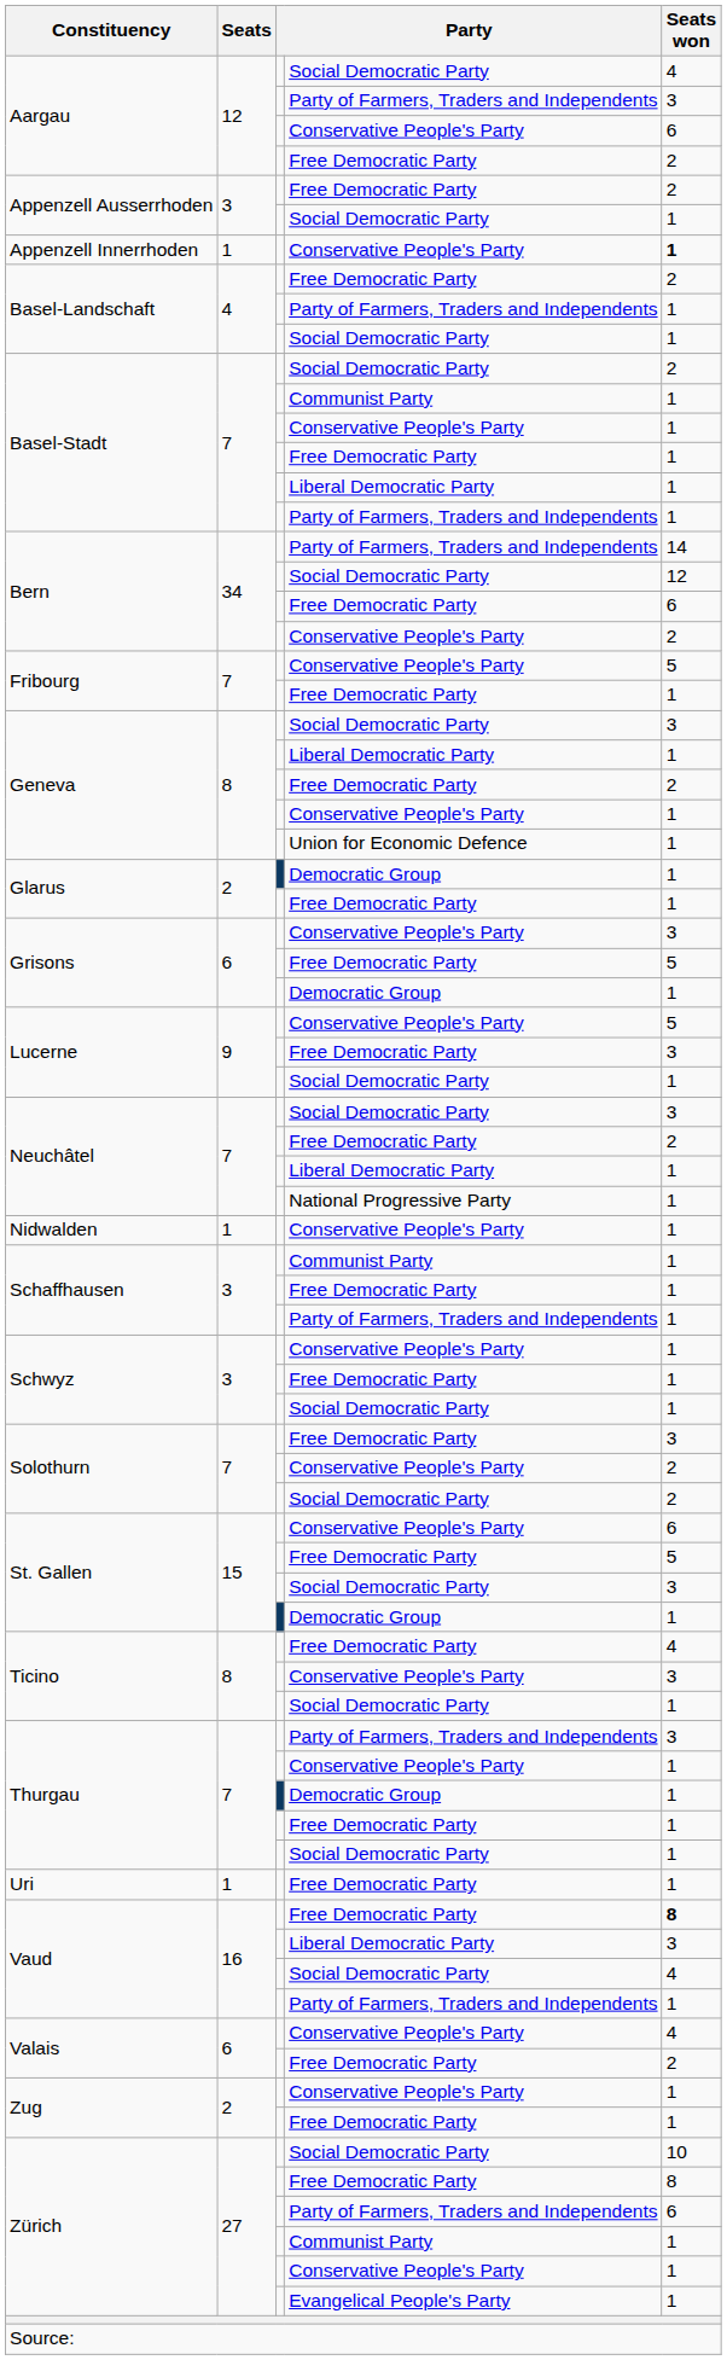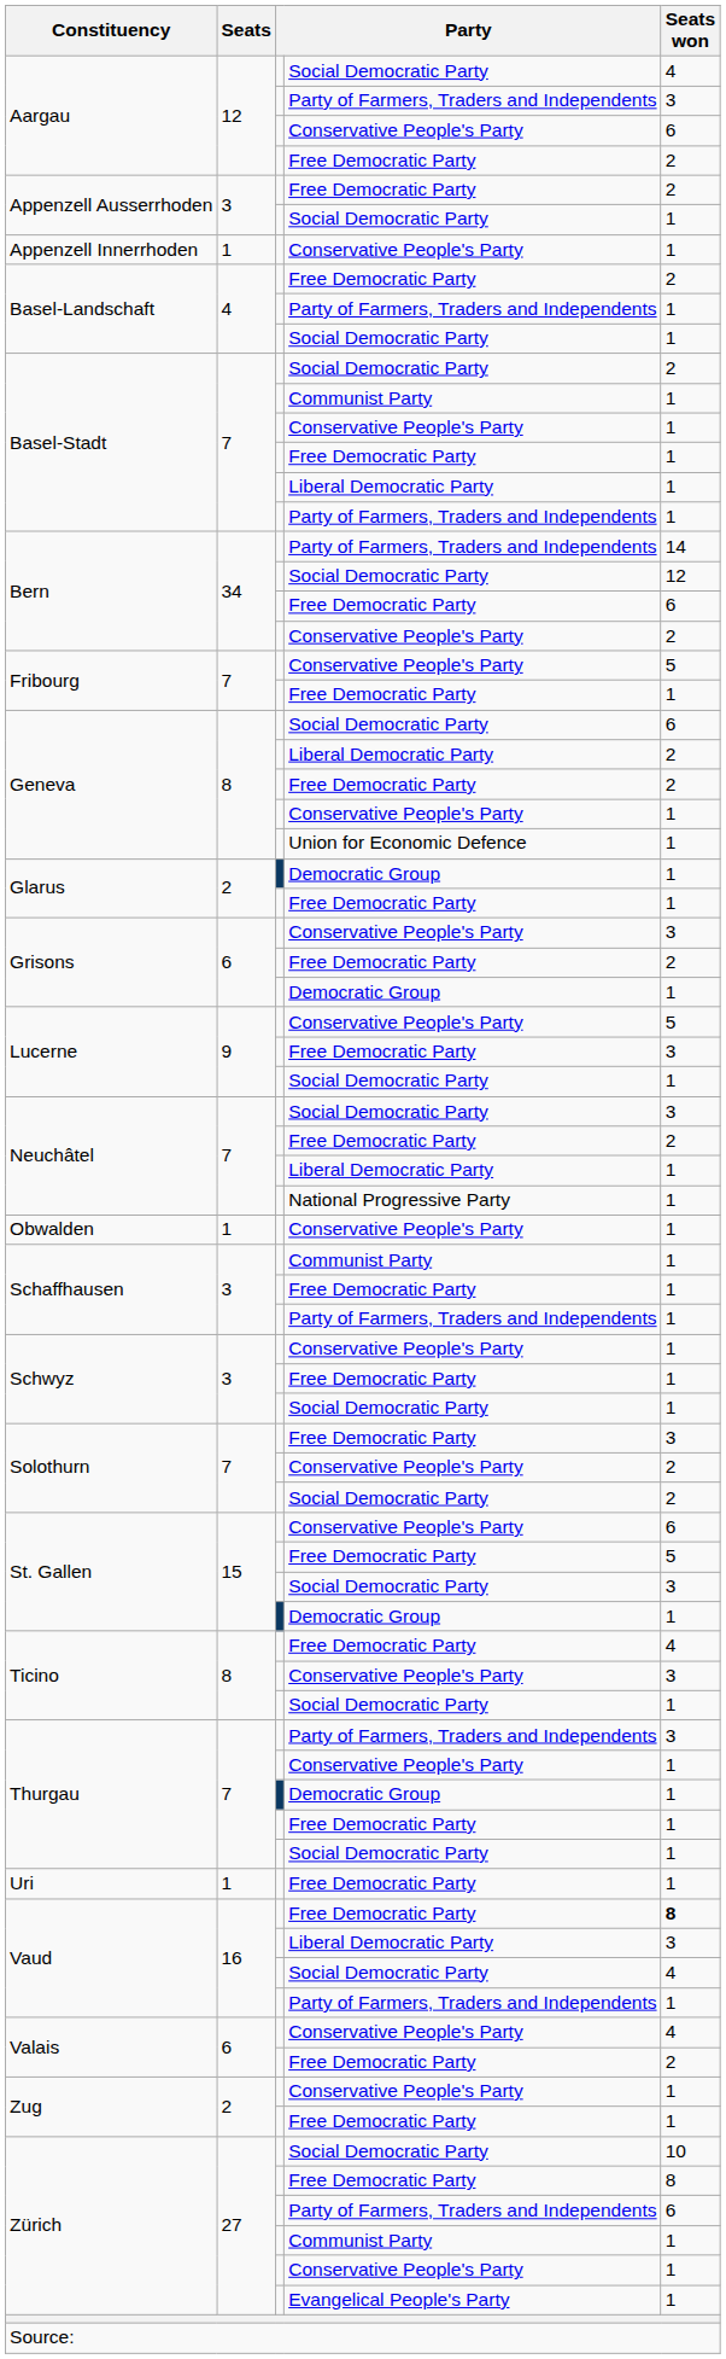 <table class="wikitable">
 <tr>
 <th>Constituency</th>
 <th>Seats</th>
 <th colspan="2">Party</th>
 <th>Seats<br>won</th>
 </tr>
 <tr>
 <td rowspan="4">Aargau</td>
 <td rowspan="4">12</td>
 <td style="color:inherit;background:"></td>
 <td><a href='#'>Social Democratic Party</a></td>
 <td>4</td>
 </tr>
 <tr>
 <td style="color:inherit;background:"></td>
 <td><a href='#'>Party of Farmers, Traders and Independents</a></td>
 <td>3</td>
 </tr>
 <tr>
 <td style="color:inherit;background:"></td>
 <td><a href='#'>Conservative People's Party</a></td>
 <td>6</td>
 </tr>
 <tr>
 <td style="color:inherit;background:"></td>
 <td><a href='#'>Free Democratic Party</a></td>
 <td>2</td>
 </tr>
 <tr>
 <td rowspan="2">Appenzell Ausserrhoden</td>
 <td rowspan="2">3</td>
 <td style="color:inherit;background:"></td>
 <td><a href='#'>Free Democratic Party</a></td>
 <td>2</td>
 </tr>
 <tr>
 <td style="color:inherit;background:"></td>
 <td><a href='#'>Social Democratic Party</a></td>
 <td>1</td>
 </tr>
 <tr>
 <td>Appenzell Innerrhoden</td>
 <td>1</td>
 <td style="color:inherit;background:"></td>
 <td><a href='#'>Conservative People's Party</a></td>
-<td><strong>1</strong></td>
+<td>1</td>
 </tr>
 <tr>
 <td rowspan="3">Basel-Landschaft</td>
 <td rowspan="3">4</td>
 <td style="color:inherit;background:"></td>
 <td><a href='#'>Free Democratic Party</a></td>
 <td>2</td>
 </tr>
 <tr>
 <td style="color:inherit;background:"></td>
 <td><a href='#'>Party of Farmers, Traders and Independents</a></td>
 <td>1</td>
 </tr>
 <tr>
 <td style="color:inherit;background:"></td>
 <td><a href='#'>Social Democratic Party</a></td>
 <td>1</td>
 </tr>
 <tr>
 <td rowspan="6">Basel-Stadt</td>
 <td rowspan="6">7</td>
 <td style="color:inherit;background:"></td>
 <td><a href='#'>Social Democratic Party</a></td>
 <td>2</td>
 </tr>
 <tr>
 <td style="color:inherit;background:"></td>
 <td><a href='#'>Communist Party</a></td>
 <td>1</td>
 </tr>
 <tr>
 <td style="color:inherit;background:"></td>
 <td><a href='#'>Conservative People's Party</a></td>
 <td>1</td>
 </tr>
 <tr>
 <td style="color:inherit;background:"></td>
 <td><a href='#'>Free Democratic Party</a></td>
 <td>1</td>
 </tr>
 <tr>
 <td style="color:inherit;background:"></td>
 <td><a href='#'>Liberal Democratic Party</a></td>
 <td>1</td>
 </tr>
 <tr>
 <td style="color:inherit;background:"></td>
 <td><a href='#'>Party of Farmers, Traders and Independents</a></td>
 <td>1</td>
 </tr>
 <tr>
 <td rowspan="4">Bern</td>
 <td rowspan="4">34</td>
 <td style="color:inherit;background:"></td>
 <td><a href='#'>Party of Farmers, Traders and Independents</a></td>
 <td>14</td>
 </tr>
 <tr>
 <td style="color:inherit;background:"></td>
 <td><a href='#'>Social Democratic Party</a></td>
 <td>12</td>
 </tr>
 <tr>
 <td style="color:inherit;background:"></td>
 <td><a href='#'>Free Democratic Party</a></td>
 <td>6</td>
 </tr>
 <tr>
 <td style="color:inherit;background:"></td>
 <td><a href='#'>Conservative People's Party</a></td>
 <td>2</td>
 </tr>
 <tr>
 <td rowspan="2">Fribourg</td>
 <td rowspan="2">7</td>
 <td style="color:inherit;background:"></td>
 <td><a href='#'>Conservative People's Party</a></td>
 <td>5</td>
 </tr>
 <tr>
 <td style="color:inherit;background:"></td>
 <td><a href='#'>Free Democratic Party</a></td>
 <td>1</td>
 </tr>
 <tr>
 <td rowspan="5">Geneva</td>
 <td rowspan="5">8</td>
 <td style="color:inherit;background:"></td>
 <td><a href='#'>Social Democratic Party</a></td>
-<td>3</td>
+<td>6</td>
 </tr>
 <tr>
 <td style="color:inherit;background:"></td>
 <td><a href='#'>Liberal Democratic Party</a></td>
-<td>1</td>
+<td>2</td>
 </tr>
 <tr>
 <td style="color:inherit;background:"></td>
 <td><a href='#'>Free Democratic Party</a></td>
 <td>2</td>
 </tr>
 <tr>
 <td style="color:inherit;background:"></td>
 <td><a href='#'>Conservative People's Party</a></td>
 <td>1</td>
 </tr>
 <tr>
 <td style="color:inherit;background:"></td>
 <td>Union for Economic Defence</td>
 <td>1</td>
 </tr>
 <tr>
 <td rowspan="2">Glarus</td>
 <td rowspan="2">2</td>
 <td style="color:inherit;background:#0B3861"></td>
 <td><a href='#'>Democratic Group</a></td>
 <td>1</td>
 </tr>
 <tr>
 <td style="color:inherit;background:"></td>
 <td><a href='#'>Free Democratic Party</a></td>
 <td>1</td>
 </tr>
 <tr>
 <td rowspan="3">Grisons</td>
 <td rowspan="3">6</td>
 <td style="color:inherit;background:"></td>
 <td><a href='#'>Conservative People's Party</a></td>
 <td>3</td>
 </tr>
 <tr>
 <td style="color:inherit;background:"></td>
 <td><a href='#'>Free Democratic Party</a></td>
-<td>5</td>
+<td>2</td>
 </tr>
 <tr>
 <td style="color:inherit;background:"></td>
 <td><a href='#'>Democratic Group</a></td>
 <td>1</td>
 </tr>
 <tr>
 <td rowspan="3">Lucerne</td>
 <td rowspan="3">9</td>
 <td style="color:inherit;background:"></td>
 <td><a href='#'>Conservative People's Party</a></td>
 <td>5</td>
 </tr>
 <tr>
 <td style="color:inherit;background:"></td>
 <td><a href='#'>Free Democratic Party</a></td>
 <td>3</td>
 </tr>
 <tr>
 <td style="color:inherit;background:"></td>
 <td><a href='#'>Social Democratic Party</a></td>
 <td>1</td>
 </tr>
 <tr>
 <td rowspan="4">Neuchâtel</td>
 <td rowspan="4">7</td>
 <td style="color:inherit;background:"></td>
 <td><a href='#'>Social Democratic Party</a></td>
 <td>3</td>
 </tr>
 <tr>
 <td style="color:inherit;background:"></td>
 <td><a href='#'>Free Democratic Party</a></td>
 <td>2</td>
 </tr>
 <tr>
 <td style="color:inherit;background:"></td>
 <td><a href='#'>Liberal Democratic Party</a></td>
 <td>1</td>
 </tr>
 <tr>
 <td style="color:inherit;background:"></td>
 <td>National Progressive Party</td>
 <td>1</td>
 </tr>
 <tr>
-<td>Nidwalden</td>
+<td>Obwalden</td>
 <td>1</td>
 <td style="color:inherit;background:"></td>
 <td><a href='#'>Conservative People's Party</a></td>
 <td>1</td>
 </tr>
 <tr>
 <td rowspan="3">Schaffhausen</td>
 <td rowspan="3">3</td>
 <td style="color:inherit;background:"></td>
 <td><a href='#'>Communist Party</a></td>
 <td>1</td>
 </tr>
 <tr>
 <td style="color:inherit;background:"></td>
 <td><a href='#'>Free Democratic Party</a></td>
 <td>1</td>
 </tr>
 <tr>
 <td style="color:inherit;background:"></td>
 <td><a href='#'>Party of Farmers, Traders and Independents</a></td>
 <td>1</td>
 </tr>
 <tr>
 <td rowspan="3">Schwyz</td>
 <td rowspan="3">3</td>
 <td style="color:inherit;background:"></td>
 <td><a href='#'>Conservative People's Party</a></td>
 <td>1</td>
 </tr>
 <tr>
 <td style="color:inherit;background:"></td>
 <td><a href='#'>Free Democratic Party</a></td>
 <td>1</td>
 </tr>
 <tr>
 <td style="color:inherit;background:"></td>
 <td><a href='#'>Social Democratic Party</a></td>
 <td>1</td>
 </tr>
 <tr>
 <td rowspan="3">Solothurn</td>
 <td rowspan="3">7</td>
 <td style="color:inherit;background:"></td>
 <td><a href='#'>Free Democratic Party</a></td>
 <td>3</td>
 </tr>
 <tr>
 <td style="color:inherit;background:"></td>
 <td><a href='#'>Conservative People's Party</a></td>
 <td>2</td>
 </tr>
 <tr>
 <td style="color:inherit;background:"></td>
 <td><a href='#'>Social Democratic Party</a></td>
 <td>2</td>
 </tr>
 <tr>
 <td rowspan="4">St. Gallen</td>
 <td rowspan="4">15</td>
 <td style="color:inherit;background:"></td>
 <td><a href='#'>Conservative People's Party</a></td>
 <td>6</td>
 </tr>
 <tr>
 <td style="color:inherit;background:"></td>
 <td><a href='#'>Free Democratic Party</a></td>
 <td>5</td>
 </tr>
 <tr>
 <td style="color:inherit;background:"></td>
 <td><a href='#'>Social Democratic Party</a></td>
 <td>3</td>
 </tr>
 <tr>
 <td style="color:inherit;background:#0B3861"></td>
 <td><a href='#'>Democratic Group</a></td>
 <td>1</td>
 </tr>
 <tr>
 <td rowspan="3">Ticino</td>
 <td rowspan="3">8</td>
 <td style="color:inherit;background:"></td>
 <td><a href='#'>Free Democratic Party</a></td>
 <td>4</td>
 </tr>
 <tr>
 <td style="color:inherit;background:"></td>
 <td><a href='#'>Conservative People's Party</a></td>
 <td>3</td>
 </tr>
 <tr>
 <td style="color:inherit;background:"></td>
 <td><a href='#'>Social Democratic Party</a></td>
 <td>1</td>
 </tr>
 <tr>
 <td rowspan="5">Thurgau</td>
 <td rowspan="5">7</td>
 <td style="color:inherit;background:"></td>
 <td><a href='#'>Party of Farmers, Traders and Independents</a></td>
 <td>3</td>
 </tr>
 <tr>
 <td style="color:inherit;background:"></td>
 <td><a href='#'>Conservative People's Party</a></td>
 <td>1</td>
 </tr>
 <tr>
 <td style="color:inherit;background:#0B3861"></td>
 <td><a href='#'>Democratic Group</a></td>
 <td>1</td>
 </tr>
 <tr>
 <td style="color:inherit;background:"></td>
 <td><a href='#'>Free Democratic Party</a></td>
 <td>1</td>
 </tr>
 <tr>
 <td style="color:inherit;background:"></td>
 <td><a href='#'>Social Democratic Party</a></td>
 <td>1</td>
 </tr>
 <tr>
 <td>Uri</td>
 <td>1</td>
 <td style="color:inherit;background:"></td>
 <td><a href='#'>Free Democratic Party</a></td>
 <td>1</td>
 </tr>
 <tr>
 <td rowspan="4">Vaud</td>
 <td rowspan="4">16</td>
 <td style="color:inherit;background:"></td>
 <td><a href='#'>Free Democratic Party</a></td>
 <td><strong>8</strong></td>
 </tr>
 <tr>
 <td style="color:inherit;background:"></td>
 <td><a href='#'>Liberal Democratic Party</a></td>
 <td>3</td>
 </tr>
 <tr>
 <td style="color:inherit;background:"></td>
 <td><a href='#'>Social Democratic Party</a></td>
 <td>4</td>
 </tr>
 <tr>
 <td style="color:inherit;background:"></td>
 <td><a href='#'>Party of Farmers, Traders and Independents</a></td>
 <td>1</td>
 </tr>
 <tr>
 <td rowspan="2">Valais</td>
 <td rowspan="2">6</td>
 <td style="color:inherit;background:"></td>
 <td><a href='#'>Conservative People's Party</a></td>
 <td>4</td>
 </tr>
 <tr>
 <td style="color:inherit;background:"></td>
 <td><a href='#'>Free Democratic Party</a></td>
 <td>2</td>
 </tr>
 <tr>
 <td rowspan="2">Zug</td>
 <td rowspan="2">2</td>
 <td style="color:inherit;background:"></td>
 <td><a href='#'>Conservative People's Party</a></td>
 <td>1</td>
 </tr>
 <tr>
 <td style="color:inherit;background:"></td>
 <td><a href='#'>Free Democratic Party</a></td>
 <td>1</td>
 </tr>
 <tr>
 <td rowspan="6">Zürich</td>
 <td rowspan="6">27</td>
 <td style="color:inherit;background:"></td>
 <td><a href='#'>Social Democratic Party</a></td>
 <td>10</td>
 </tr>
 <tr>
 <td style="color:inherit;background:"></td>
 <td><a href='#'>Free Democratic Party</a></td>
 <td>8</td>
 </tr>
 <tr>
 <td style="color:inherit;background:"></td>
 <td><a href='#'>Party of Farmers, Traders and Independents</a></td>
 <td>6</td>
 </tr>
 <tr>
 <td style="color:inherit;background:"></td>
 <td><a href='#'>Communist Party</a></td>
 <td>1</td>
 </tr>
 <tr>
 <td style="color:inherit;background:"></td>
 <td><a href='#'>Conservative People's Party</a></td>
 <td>1</td>
 </tr>
 <tr>
 <td style="color:inherit;background:"></td>
 <td><a href='#'>Evangelical People's Party</a></td>
 <td>1</td>
 </tr>
 <tr>
 <th colspan="5"></th>
 </tr>
 <tr>
 <td colspan="5">Source: </td>
 </tr>
 </table>
